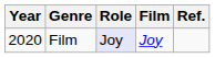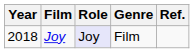 <table class="wikitable">
 <tr>
 <th>Year</th>
+<th>Film</th>
+<th>Role</th>
 <th>Genre</th>
-<th>Role</th>
-<th>Film</th>
 <th>Ref.</th>
 </tr>
 <tr>
-<td>2020</td>
+<td>2018</td>
+<td><em><a href='#'>Joy</a></em></td>
+<td style="background: lavender;">Joy</td>
 <td>Film</td>
-<td style="background: lavender;">Joy</td>
-<td><em><a href='#'>Joy</a></em></td>
 <td></td>
 </tr>
 </table>
